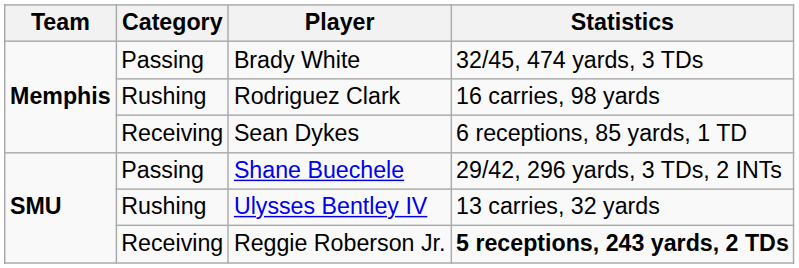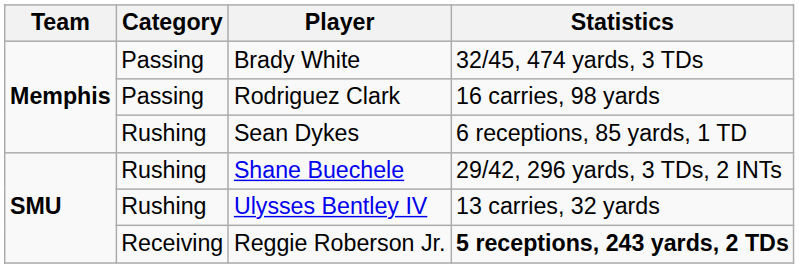 <table class="wikitable" style="float: left;">
 <tr>
 <th>Team</th>
 <th>Category</th>
 <th>Player</th>
 <th>Statistics</th>
 </tr>
 <tr>
 <td rowspan=3><strong>Memphis</strong></td>
 <td>Passing</td>
 <td>Brady White</td>
 <td>32/45, 474 yards, 3 TDs</td>
 </tr>
 <tr>
-<td>Rushing</td>
+<td>Passing</td>
 <td>Rodriguez Clark</td>
 <td>16 carries, 98 yards</td>
 </tr>
 <tr>
-<td>Receiving</td>
+<td>Rushing</td>
 <td>Sean Dykes</td>
 <td>6 receptions, 85 yards, 1 TD</td>
 </tr>
 <tr>
 <td rowspan=3><strong>SMU</strong></td>
-<td>Passing</td>
+<td>Rushing</td>
 <td><a href='#'>Shane Buechele</a></td>
 <td>29/42, 296 yards, 3 TDs, 2 INTs</td>
 </tr>
 <tr>
 <td>Rushing</td>
 <td><a href='#'>Ulysses Bentley IV</a></td>
 <td>13 carries, 32 yards</td>
 </tr>
 <tr>
 <td>Receiving</td>
 <td>Reggie Roberson Jr.</td>
 <td><strong>5 receptions, 243 yards, 2 TDs</strong></td>
 </tr>
 </table>
